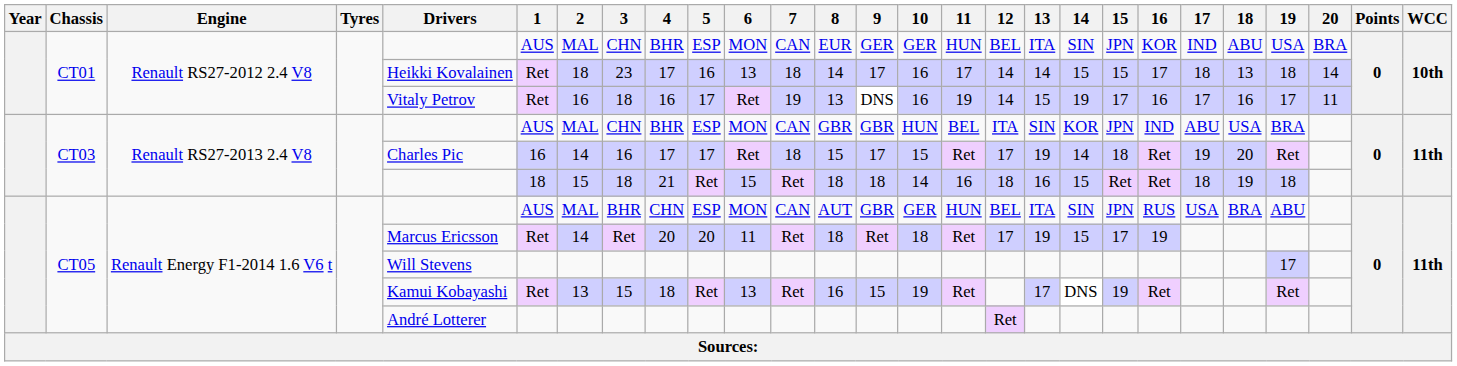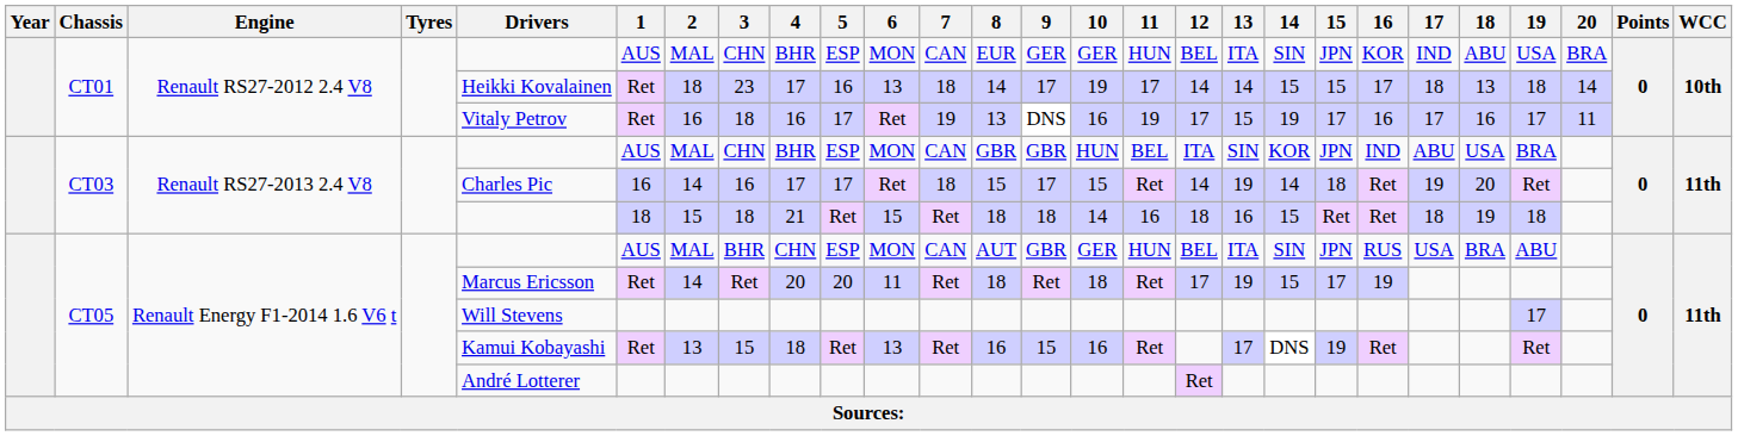 <table class="wikitable" style="text-align:center; font-size:85%;">
 <tr>
 <th>Year</th>
 <th>Chassis</th>
 <th>Engine</th>
 <th>Tyres</th>
 <th>Drivers</th>
 <th>1</th>
 <th>2</th>
 <th>3</th>
 <th>4</th>
 <th>5</th>
 <th>6</th>
 <th>7</th>
 <th>8</th>
 <th>9</th>
 <th>10</th>
 <th>11</th>
 <th>12</th>
 <th>13</th>
 <th>14</th>
 <th>15</th>
 <th>16</th>
 <th>17</th>
 <th>18</th>
 <th>19</th>
 <th>20</th>
 <th>Points</th>
 <th>WCC</th>
 </tr>
 <tr>
 <th rowspan="3"></th>
 <td rowspan="3"><a href='#'>CT01</a></td>
 <td rowspan="3"><a href='#'>Renault</a> RS27-2012 2.4 <a href='#'>V8</a></td>
 <td rowspan="3"></td>
 <td></td>
 <td><a href='#'>AUS</a></td>
 <td><a href='#'>MAL</a></td>
 <td><a href='#'>CHN</a></td>
 <td><a href='#'>BHR</a></td>
 <td><a href='#'>ESP</a></td>
 <td><a href='#'>MON</a></td>
 <td><a href='#'>CAN</a></td>
 <td><a href='#'>EUR</a></td>
 <td><a href='#'>GER</a></td>
 <td><a href='#'>GER</a></td>
 <td><a href='#'>HUN</a></td>
 <td><a href='#'>BEL</a></td>
 <td><a href='#'>ITA</a></td>
 <td><a href='#'>SIN</a></td>
 <td><a href='#'>JPN</a></td>
 <td><a href='#'>KOR</a></td>
 <td><a href='#'>IND</a></td>
 <td><a href='#'>ABU</a></td>
 <td><a href='#'>USA</a></td>
 <td><a href='#'>BRA</a></td>
 <th rowspan="3">0</th>
 <th rowspan="3">10th</th>
 </tr>
 <tr>
 <td align="left"> <a href='#'>Heikki Kovalainen</a></td>
 <td style="background:#efcfff;">Ret</td>
 <td style="background:#cfcfff;">18</td>
 <td style="background:#cfcfff;">23</td>
 <td style="background:#cfcfff;">17</td>
 <td style="background:#cfcfff;">16</td>
 <td style="background:#cfcfff;">13</td>
 <td style="background:#cfcfff;">18</td>
 <td style="background:#cfcfff;">14</td>
 <td style="background:#cfcfff;">17</td>
-<td style="background:#cfcfff;">16</td>
+<td style="background:#cfcfff;">19</td>
 <td style="background:#cfcfff;">17</td>
 <td style="background:#cfcfff;">14</td>
 <td style="background:#cfcfff;">14</td>
 <td style="background:#cfcfff;">15</td>
 <td style="background:#cfcfff;">15</td>
 <td style="background:#cfcfff;">17</td>
 <td style="background:#cfcfff;">18</td>
 <td style="background:#cfcfff;">13</td>
 <td style="background:#cfcfff;">18</td>
 <td style="background:#cfcfff;">14</td>
 </tr>
 <tr>
 <td align="left"> <a href='#'>Vitaly Petrov</a></td>
 <td style="background:#efcfff;">Ret</td>
 <td style="background:#cfcfff;">16</td>
 <td style="background:#cfcfff;">18</td>
 <td style="background:#cfcfff;">16</td>
 <td style="background:#cfcfff;">17</td>
 <td style="background:#efcfff;">Ret</td>
 <td style="background:#cfcfff;">19</td>
 <td style="background:#cfcfff;">13</td>
 <td style="background:#fff;">DNS</td>
 <td style="background:#cfcfff;">16</td>
 <td style="background:#cfcfff;">19</td>
-<td style="background:#cfcfff;">14</td>
+<td style="background:#cfcfff;">17</td>
 <td style="background:#cfcfff;">15</td>
 <td style="background:#cfcfff;">19</td>
 <td style="background:#cfcfff;">17</td>
 <td style="background:#cfcfff;">16</td>
 <td style="background:#cfcfff;">17</td>
 <td style="background:#cfcfff;">16</td>
 <td style="background:#cfcfff;">17</td>
 <td style="background:#cfcfff;">11</td>
 </tr>
 <tr>
 <th rowspan="3"></th>
 <td rowspan="3"><a href='#'>CT03</a></td>
 <td rowspan="3"><a href='#'>Renault</a> RS27-2013 2.4 <a href='#'>V8</a></td>
 <td rowspan="3"></td>
 <td></td>
 <td><a href='#'>AUS</a></td>
 <td><a href='#'>MAL</a></td>
 <td><a href='#'>CHN</a></td>
 <td><a href='#'>BHR</a></td>
 <td><a href='#'>ESP</a></td>
 <td><a href='#'>MON</a></td>
 <td><a href='#'>CAN</a></td>
 <td><a href='#'>GBR</a></td>
 <td><a href='#'>GBR</a></td>
 <td><a href='#'>HUN</a></td>
 <td><a href='#'>BEL</a></td>
 <td><a href='#'>ITA</a></td>
 <td><a href='#'>SIN</a></td>
 <td><a href='#'>KOR</a></td>
 <td><a href='#'>JPN</a></td>
 <td><a href='#'>IND</a></td>
 <td><a href='#'>ABU</a></td>
 <td><a href='#'>USA</a></td>
 <td><a href='#'>BRA</a></td>
 <td></td>
 <th rowspan="3">0</th>
 <th rowspan="3">11th</th>
 </tr>
 <tr>
 <td style="text-align:left;"> <a href='#'>Charles Pic</a></td>
 <td style="background:#cfcfff;">16</td>
 <td style="background:#cfcfff;">14</td>
 <td style="background:#cfcfff;">16</td>
 <td style="background:#cfcfff;">17</td>
 <td style="background:#cfcfff;">17</td>
 <td style="background:#efcfff;">Ret</td>
 <td style="background:#cfcfff;">18</td>
 <td style="background:#cfcfff;">15</td>
 <td style="background:#cfcfff;">17</td>
 <td style="background:#cfcfff;">15</td>
 <td style="background:#efcfff;">Ret</td>
-<td style="background:#cfcfff;">17</td>
+<td style="background:#cfcfff;">14</td>
 <td style="background:#cfcfff;">19</td>
 <td style="background:#cfcfff;">14</td>
 <td style="background:#cfcfff;">18</td>
 <td style="background:#efcfff;">Ret</td>
 <td style="background:#cfcfff;">19</td>
 <td style="background:#cfcfff;">20</td>
 <td style="background:#efcfff;">Ret</td>
 <td></td>
 </tr>
 <tr>
 <td style="text-align:left;"></td>
 <td style="background:#cfcfff;">18</td>
 <td style="background:#cfcfff;">15</td>
 <td style="background:#cfcfff;">18</td>
 <td style="background:#cfcfff;">21</td>
 <td style="background:#efcfff;">Ret</td>
 <td style="background:#cfcfff;">15</td>
 <td style="background:#efcfff;">Ret</td>
 <td style="background:#cfcfff;">18</td>
 <td style="background:#cfcfff;">18</td>
 <td style="background:#cfcfff;">14</td>
 <td style="background:#cfcfff;">16</td>
 <td style="background:#cfcfff;">18</td>
 <td style="background:#cfcfff;">16</td>
 <td style="background:#cfcfff;">15</td>
 <td style="background:#efcfff;">Ret</td>
 <td style="background:#efcfff;">Ret</td>
 <td style="background:#cfcfff;">18</td>
 <td style="background:#cfcfff;">19</td>
 <td style="background:#cfcfff;">18</td>
 <td></td>
 </tr>
 <tr>
 <th rowspan="5"></th>
 <td rowspan="5"><a href='#'>CT05</a></td>
 <td rowspan="5"><a href='#'>Renault</a> Energy F1-2014 1.6 <a href='#'>V6</a> <a href='#'>t</a></td>
 <td rowspan="5"></td>
 <td></td>
 <td><a href='#'>AUS</a></td>
 <td><a href='#'>MAL</a></td>
 <td><a href='#'>BHR</a></td>
 <td><a href='#'>CHN</a></td>
 <td><a href='#'>ESP</a></td>
 <td><a href='#'>MON</a></td>
 <td><a href='#'>CAN</a></td>
 <td><a href='#'>AUT</a></td>
 <td><a href='#'>GBR</a></td>
 <td><a href='#'>GER</a></td>
 <td><a href='#'>HUN</a></td>
 <td><a href='#'>BEL</a></td>
 <td><a href='#'>ITA</a></td>
 <td><a href='#'>SIN</a></td>
 <td><a href='#'>JPN</a></td>
 <td><a href='#'>RUS</a></td>
 <td><a href='#'>USA</a></td>
 <td><a href='#'>BRA</a></td>
 <td><a href='#'>ABU</a></td>
 <td></td>
 <th rowspan="5">0</th>
 <th rowspan="5">11th</th>
 </tr>
 <tr>
 <td style="text-align:left;"> <a href='#'>Marcus Ericsson</a></td>
 <td style="background:#efcfff;">Ret</td>
 <td style="background:#cfcfff;">14</td>
 <td style="background:#efcfff;">Ret</td>
 <td style="background:#cfcfff;">20</td>
 <td style="background:#cfcfff;">20</td>
 <td style="background:#cfcfff;">11</td>
 <td style="background:#efcfff;">Ret</td>
 <td style="background:#cfcfff;">18</td>
 <td style="background:#efcfff;">Ret</td>
 <td style="background:#cfcfff;">18</td>
 <td style="background:#efcfff;">Ret</td>
 <td style="background:#cfcfff;">17</td>
 <td style="background:#cfcfff;">19</td>
 <td style="background:#cfcfff;">15</td>
 <td style="background:#cfcfff;">17</td>
 <td style="background:#cfcfff;">19</td>
 <td></td>
 <td></td>
 <td></td>
 <td></td>
 </tr>
 <tr>
 <td align="left"> <a href='#'>Will Stevens</a></td>
 <td></td>
 <td></td>
 <td></td>
 <td></td>
 <td></td>
 <td></td>
 <td></td>
 <td></td>
 <td></td>
 <td></td>
 <td></td>
 <td></td>
 <td></td>
 <td></td>
 <td></td>
 <td></td>
 <td></td>
 <td></td>
 <td style="background:#cfcfff;">17</td>
 <td></td>
 </tr>
 <tr>
 <td style="text-align:left;"> <a href='#'>Kamui Kobayashi</a></td>
 <td style="background:#efcfff;">Ret</td>
 <td style="background:#cfcfff;">13</td>
 <td style="background:#cfcfff;">15</td>
 <td style="background:#cfcfff;">18</td>
 <td style="background:#efcfff;">Ret</td>
 <td style="background:#cfcfff;">13</td>
 <td style="background:#efcfff;">Ret</td>
 <td style="background:#cfcfff;">16</td>
 <td style="background:#cfcfff;">15</td>
-<td style="background:#cfcfff;">19</td>
+<td style="background:#cfcfff;">16</td>
 <td style="background:#efcfff;">Ret</td>
 <td></td>
 <td style="background:#cfcfff;">17</td>
 <td style="background:#fff;">DNS</td>
 <td style="background:#cfcfff;">19</td>
 <td style="background:#efcfff;">Ret</td>
 <td></td>
 <td></td>
 <td style="background:#efcfff;">Ret</td>
 <td></td>
 </tr>
 <tr>
 <td style="text-align:left;"> <a href='#'>André Lotterer</a></td>
 <td></td>
 <td></td>
 <td></td>
 <td></td>
 <td></td>
 <td></td>
 <td></td>
 <td></td>
 <td></td>
 <td></td>
 <td></td>
 <td style="background:#efcfff;">Ret</td>
 <td></td>
 <td></td>
 <td></td>
 <td></td>
 <td></td>
 <td></td>
 <td></td>
 <td></td>
 </tr>
 <tr>
 <th colspan="27">Sources:</th>
 </tr>
 </table>
